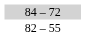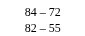 <table style="text-align:center;">
 <tr>
 <th width=200></th>
 <th width=100></th>
 <th width=200></th>
 <th></th>
 </tr>
 <tr>
 <td align=right><strong></strong></td>
-<td style="background: lightgrey;">84 – 72</td>
+<td>84 – 72</td>
 <td align=left></td>
 </tr>
 <tr>
 <td align=right><strong></strong></td>
 <td>82 – 55</td>
 <td align=left></td>
 </tr>
 </table>
